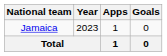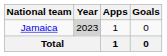 <table class="wikitable" style="text-align: center;">
 <tr>
 <th>National team</th>
 <th>Year</th>
 <th>Apps</th>
 <th>Goals</th>
 </tr>
 <tr>
 <td><a href='#'>Jamaica</a></td>
-<td>2023</td>
+<td style="background: lightgrey;">2023</td>
 <td>1</td>
 <td>0</td>
 </tr>
 <tr>
 <th colspan="2">Total</th>
 <th>1</th>
 <th>0</th>
 </tr>
 </table>
